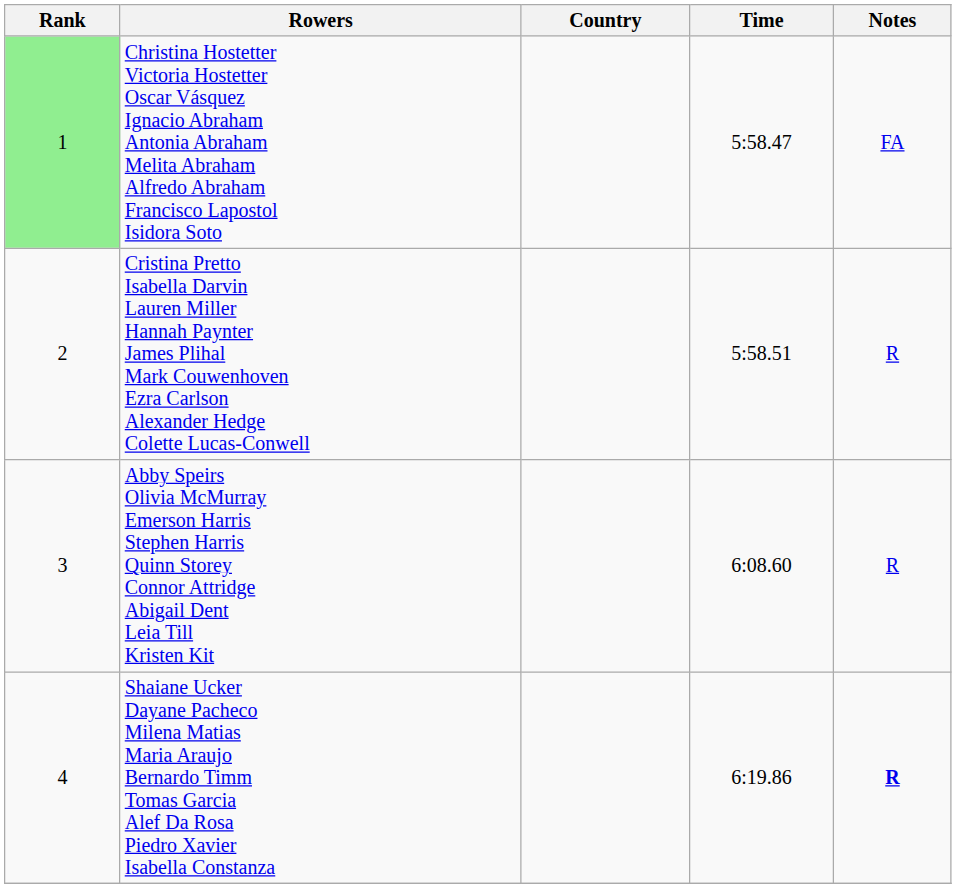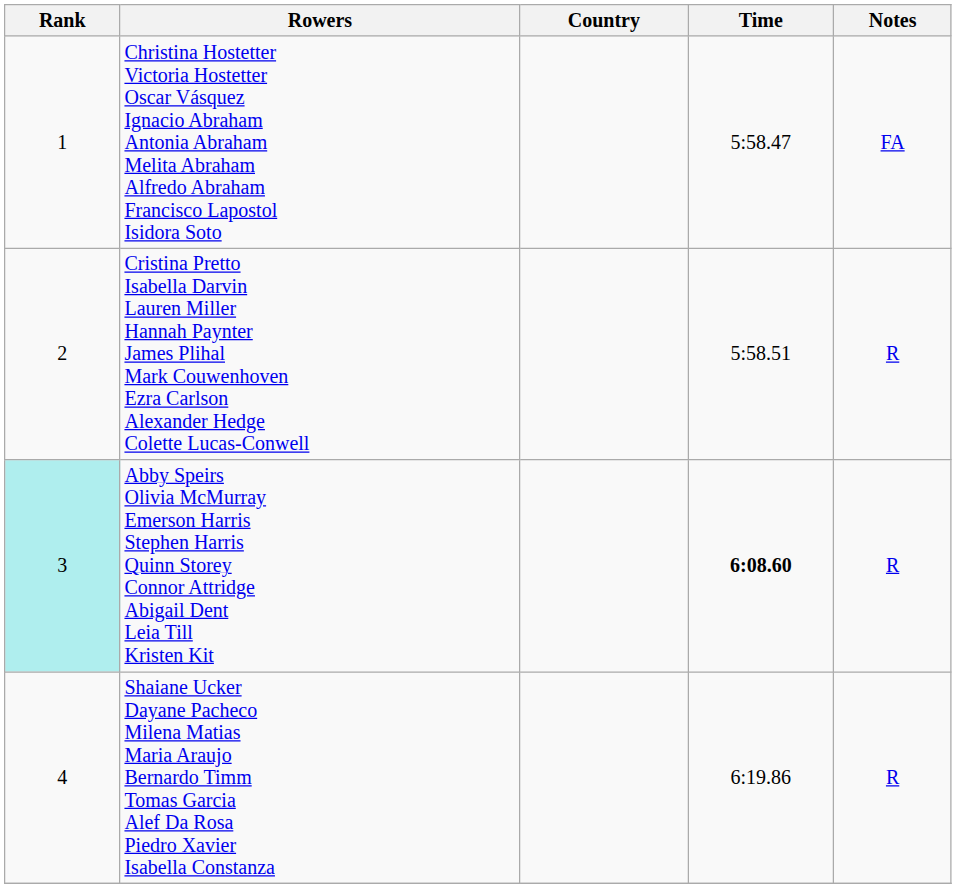 <table class="wikitable" width=60% style="text-align:center">
 <tr>
 <th>Rank</th>
 <th>Rowers</th>
 <th>Country</th>
 <th>Time</th>
 <th>Notes</th>
 </tr>
 <tr>
-<td style="background: lightgreen;">1</td>
+<td>1</td>
 <td align=left><a href='#'>Christina Hostetter</a><br><a href='#'>Victoria Hostetter</a><br><a href='#'>Oscar Vásquez</a><br><a href='#'>Ignacio Abraham</a><br><a href='#'>Antonia Abraham</a><br><a href='#'>Melita Abraham</a><br><a href='#'>Alfredo Abraham</a><br><a href='#'>Francisco Lapostol</a><br><a href='#'>Isidora Soto</a></td>
 <td align=left></td>
 <td>5:58.47</td>
 <td><a href='#'>FA</a></td>
 </tr>
 <tr>
 <td>2</td>
 <td align=left><a href='#'>Cristina Pretto</a><br><a href='#'>Isabella Darvin</a><br><a href='#'>Lauren Miller</a><br><a href='#'>Hannah Paynter</a><br><a href='#'>James Plihal</a><br><a href='#'>Mark Couwenhoven</a><br><a href='#'>Ezra Carlson</a><br><a href='#'>Alexander Hedge</a><br><a href='#'>Colette Lucas-Conwell</a></td>
 <td align=left></td>
 <td>5:58.51</td>
 <td><a href='#'>R</a></td>
 </tr>
 <tr>
-<td>3</td>
+<td style="background: paleturquoise;">3</td>
 <td align=left><a href='#'>Abby Speirs</a><br><a href='#'>Olivia McMurray</a><br><a href='#'>Emerson Harris</a><br><a href='#'>Stephen Harris</a><br><a href='#'>Quinn Storey</a><br><a href='#'>Connor Attridge</a><br><a href='#'>Abigail Dent</a><br><a href='#'>Leia Till</a><br><a href='#'>Kristen Kit</a></td>
 <td align=left></td>
-<td>6:08.60</td>
+<td><strong>6:08.60</strong></td>
 <td><a href='#'>R</a></td>
 </tr>
 <tr>
 <td>4</td>
 <td align=left><a href='#'>Shaiane Ucker</a><br><a href='#'>Dayane Pacheco</a><br><a href='#'>Milena Matias</a><br><a href='#'>Maria Araujo</a><br><a href='#'>Bernardo Timm</a><br><a href='#'>Tomas Garcia</a><br><a href='#'>Alef Da Rosa</a><br><a href='#'>Piedro Xavier</a><br><a href='#'>Isabella Constanza</a></td>
 <td align=left></td>
 <td>6:19.86</td>
-<td><strong><a href='#'>R</a></strong></td>
+<td><a href='#'>R</a></td>
 </tr>
 <tr>
 </tr>
 </table>
